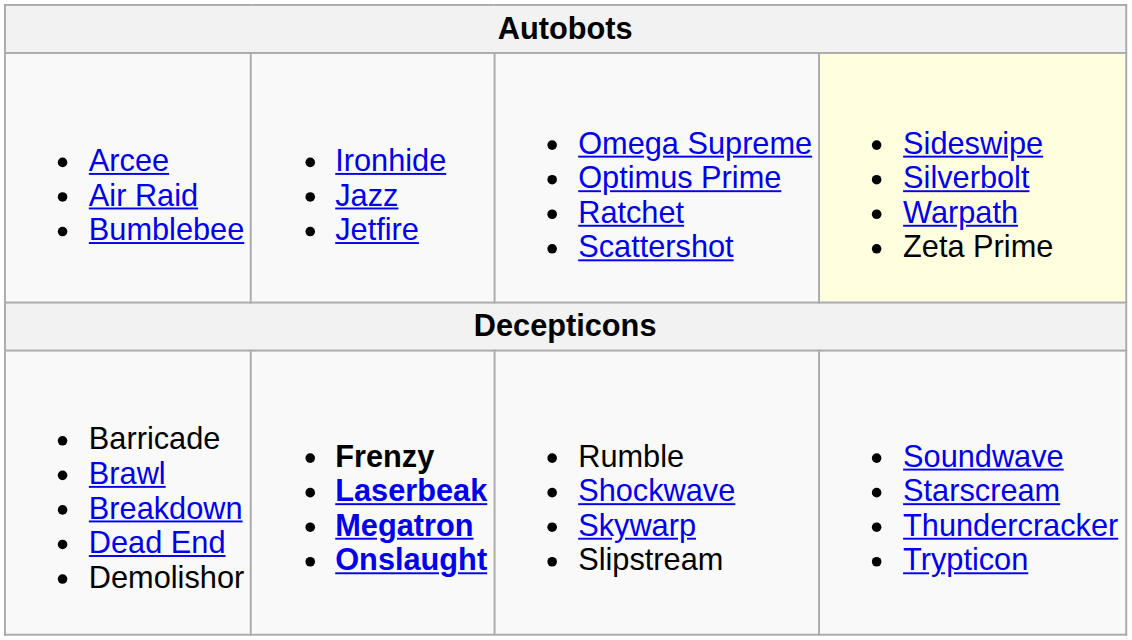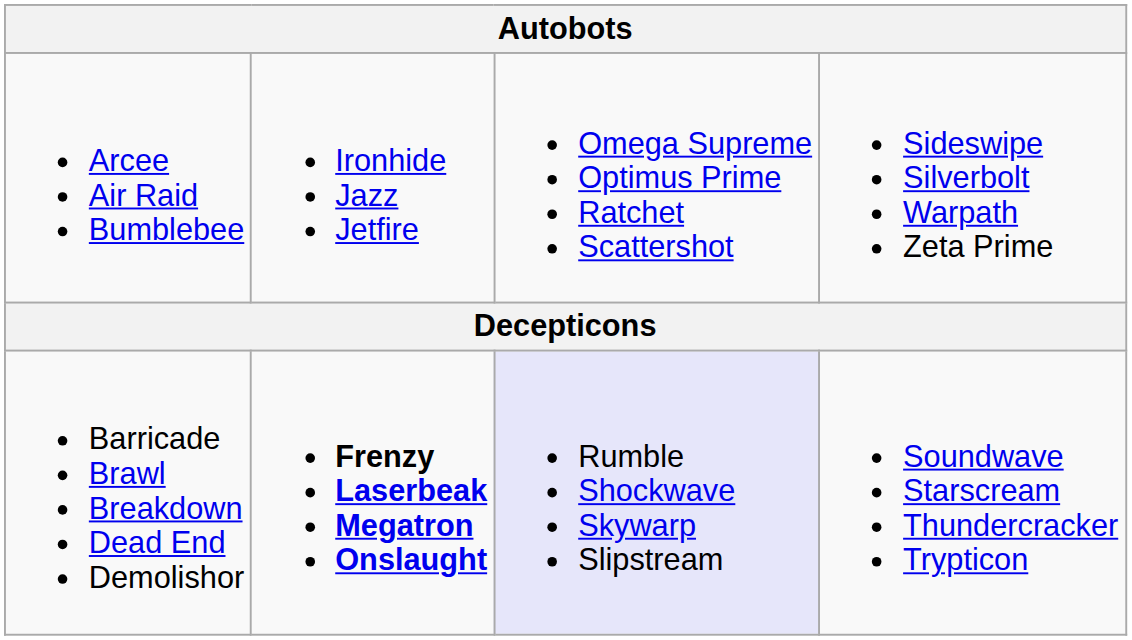 <table class="wikitable">
 <tr>
 <th colspan="4">Autobots</th>
 </tr>
 <tr>
 <td><br><ul><li><a href='#'>Arcee</a></li><li><a href='#'>Air Raid</a></li><li><a href='#'>Bumblebee</a></li></ul></td>
 <td><br><ul><li><a href='#'>Ironhide</a></li><li><a href='#'>Jazz</a></li><li><a href='#'>Jetfire</a></li></ul></td>
 <td><br><ul><li><a href='#'>Omega Supreme</a></li><li><a href='#'>Optimus Prime</a></li><li><a href='#'>Ratchet</a></li><li><a href='#'>Scattershot</a></li></ul></td>
-<td style="background: lightyellow;"><br><ul><li><a href='#'>Sideswipe</a></li><li><a href='#'>Silverbolt</a></li><li><a href='#'>Warpath</a></li><li>Zeta Prime</li></ul></td>
+<td><br><ul><li><a href='#'>Sideswipe</a></li><li><a href='#'>Silverbolt</a></li><li><a href='#'>Warpath</a></li><li>Zeta Prime</li></ul></td>
 </tr>
 <tr>
 <th colspan="4">Decepticons</th>
 </tr>
 <tr>
 <td><br><ul><li>Barricade</li><li><a href='#'>Brawl</a></li><li><a href='#'>Breakdown</a></li><li><a href='#'>Dead End</a></li><li>Demolishor</li></ul></td>
 <td><strong><br><ul><li>Frenzy</li><li><a href='#'>Laserbeak</a></li><li><a href='#'>Megatron</a></li><li><a href='#'>Onslaught</a></li></ul></strong></td>
-<td><br><ul><li>Rumble</li><li><a href='#'>Shockwave</a></li><li><a href='#'>Skywarp</a></li><li>Slipstream</li></ul></td>
+<td style="background: lavender;"><br><ul><li>Rumble</li><li><a href='#'>Shockwave</a></li><li><a href='#'>Skywarp</a></li><li>Slipstream</li></ul></td>
 <td><br><ul><li><a href='#'>Soundwave</a></li><li><a href='#'>Starscream</a></li><li><a href='#'>Thundercracker</a></li><li><a href='#'>Trypticon</a></li></ul></td>
 </tr>
 </table>
